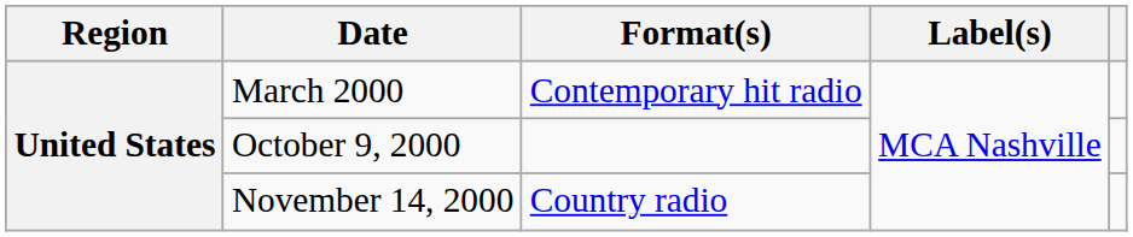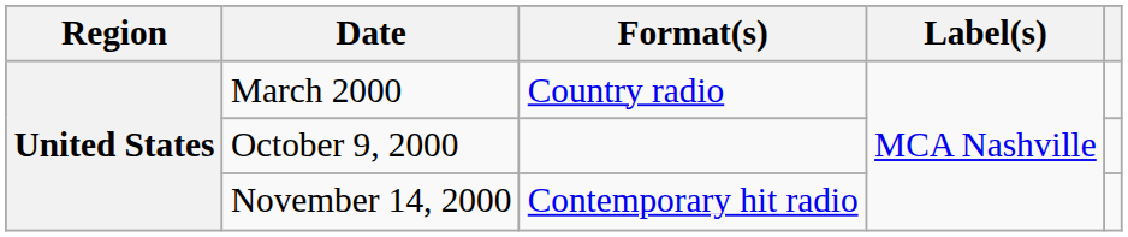 <table class="wikitable plainrowheaders">
 <tr>
 <th scope="col">Region</th>
 <th scope="col">Date</th>
 <th scope="col">Format(s)</th>
 <th scope="col">Label(s)</th>
 <th scope="col"></th>
 </tr>
 <tr>
 <th scope="row" rowspan="3">United States</th>
 <td>March 2000</td>
-<td><a href='#'>Contemporary hit radio</a></td>
+<td><a href='#'>Country radio</a></td>
 <td rowspan="3"><a href='#'>MCA Nashville</a></td>
 <td align="center"></td>
 </tr>
 <tr>
 <td>October 9, 2000</td>
 <td></td>
 <td align="center"></td>
 </tr>
 <tr>
 <td>November 14, 2000</td>
-<td><a href='#'>Country radio</a></td>
+<td><a href='#'>Contemporary hit radio</a></td>
 <td align="center"></td>
 </tr>
 </table>
